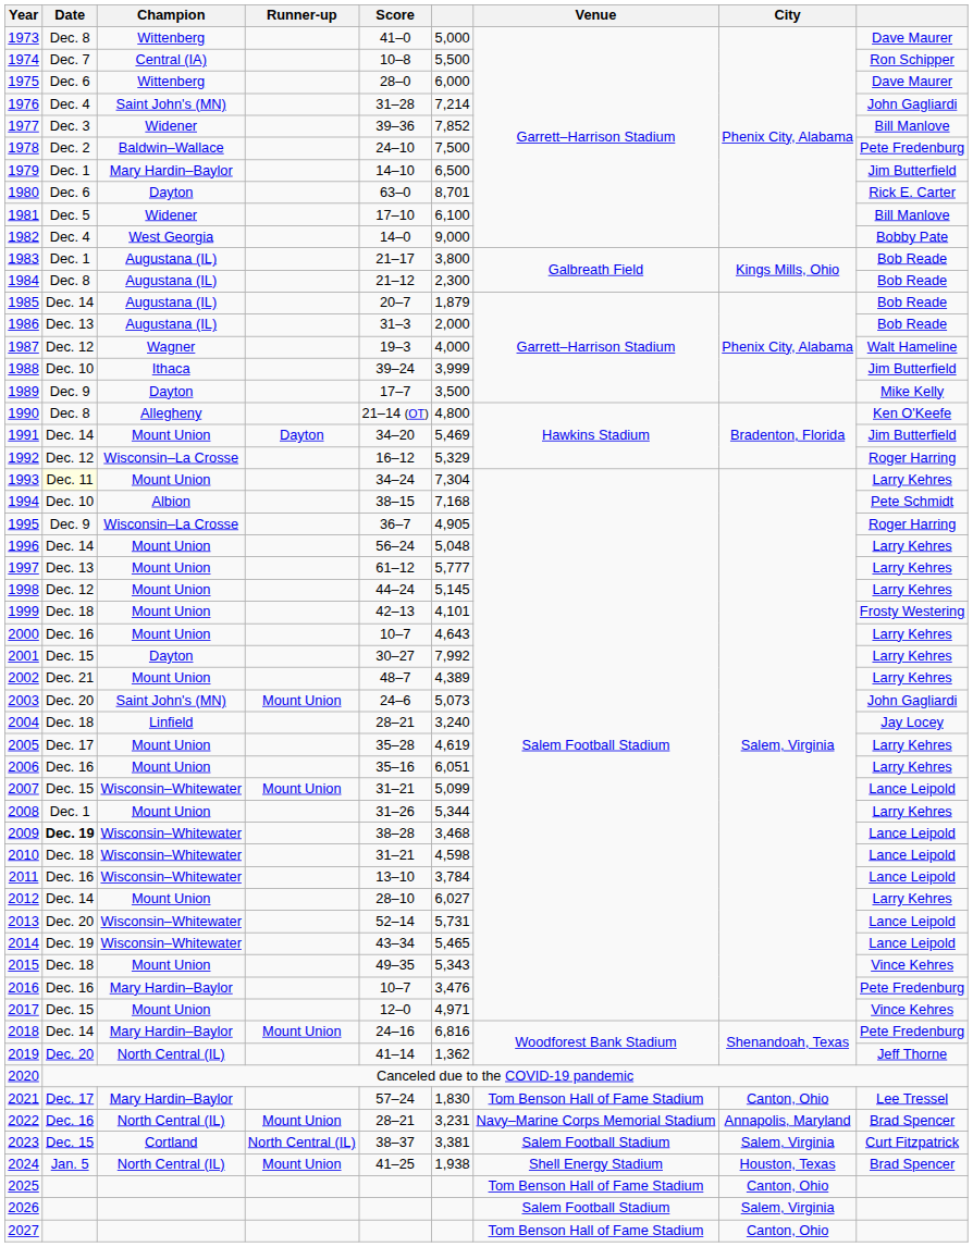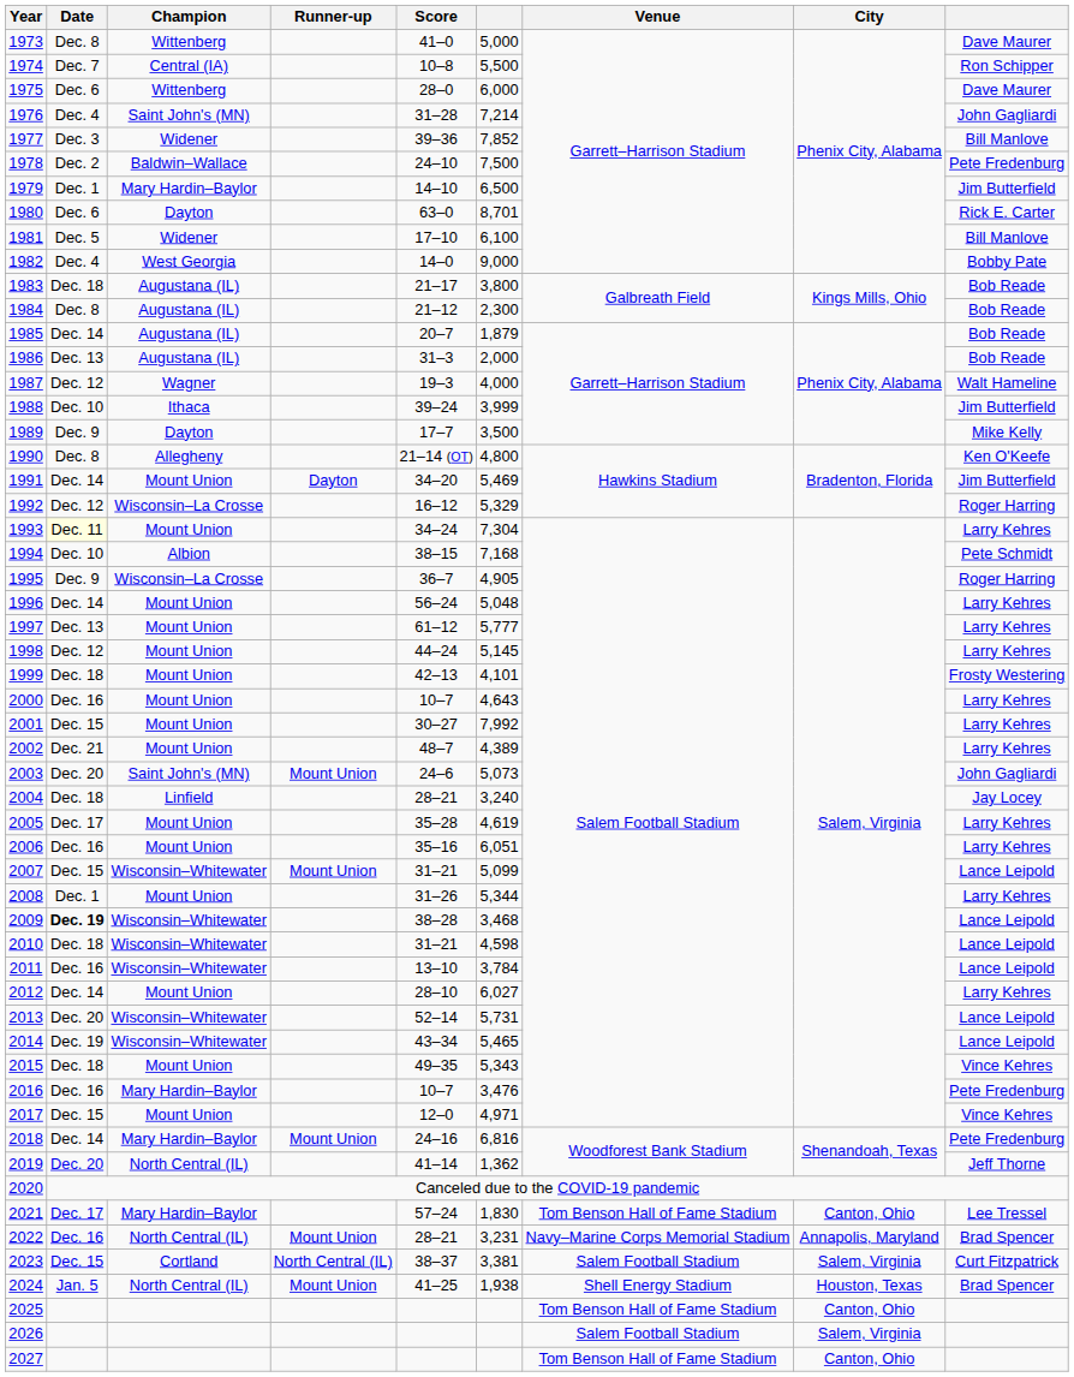 <table class="wikitable sortable" style="text-align:center">
 <tr>
 <th width=px>Year</th>
 <th width=px>Date</th>
 <th width=px>Champion</th>
 <th width=px>Runner-up</th>
 <th width=px>Score</th>
 <th width=px></th>
 <th width=px>Venue</th>
 <th width=px>City</th>
 <th width=px></th>
 </tr>
 <tr>
 <td><a href='#'>1973</a></td>
 <td>Dec. 8</td>
 <td><a href='#'>Wittenberg</a></td>
 <td></td>
 <td>41–0</td>
 <td>5,000</td>
 <td rowspan="10"><a href='#'>Garrett–Harrison Stadium</a></td>
 <td rowspan="10"><a href='#'>Phenix City, Alabama</a></td>
 <td><a href='#'>Dave Maurer</a></td>
 </tr>
 <tr>
 <td><a href='#'>1974</a></td>
 <td>Dec. 7</td>
 <td><a href='#'>Central (IA)</a></td>
 <td></td>
 <td>10–8</td>
 <td>5,500</td>
 <td><a href='#'>Ron Schipper</a></td>
 </tr>
 <tr>
 <td><a href='#'>1975</a></td>
 <td>Dec. 6</td>
 <td><a href='#'>Wittenberg</a></td>
 <td></td>
 <td>28–0</td>
 <td>6,000</td>
 <td><a href='#'>Dave Maurer</a></td>
 </tr>
 <tr>
 <td><a href='#'>1976</a></td>
 <td>Dec. 4</td>
 <td><a href='#'>Saint John's (MN)</a></td>
 <td></td>
 <td>31–28</td>
 <td>7,214</td>
 <td><a href='#'>John Gagliardi</a></td>
 </tr>
 <tr>
 <td><a href='#'>1977</a></td>
 <td>Dec. 3</td>
 <td><a href='#'>Widener</a></td>
 <td></td>
 <td>39–36</td>
 <td>7,852</td>
 <td><a href='#'>Bill Manlove</a></td>
 </tr>
 <tr>
 <td><a href='#'>1978</a></td>
 <td>Dec. 2</td>
 <td><a href='#'>Baldwin–Wallace</a></td>
 <td></td>
 <td>24–10</td>
 <td>7,500</td>
 <td><a href='#'>Pete Fredenburg</a></td>
 </tr>
 <tr>
 <td><a href='#'>1979</a></td>
 <td>Dec. 1</td>
 <td><a href='#'>Mary Hardin–Baylor</a></td>
 <td></td>
 <td>14–10</td>
 <td>6,500</td>
 <td><a href='#'>Jim Butterfield</a></td>
 </tr>
 <tr>
 <td><a href='#'>1980</a></td>
 <td>Dec. 6</td>
 <td><a href='#'>Dayton</a></td>
 <td></td>
 <td>63–0</td>
 <td>8,701</td>
 <td><a href='#'>Rick E. Carter</a></td>
 </tr>
 <tr>
 <td><a href='#'>1981</a></td>
 <td>Dec. 5</td>
 <td><a href='#'>Widener</a></td>
 <td></td>
 <td>17–10</td>
 <td>6,100</td>
 <td><a href='#'>Bill Manlove</a></td>
 </tr>
 <tr>
 <td><a href='#'>1982</a></td>
 <td>Dec. 4</td>
 <td><a href='#'>West Georgia</a></td>
 <td></td>
 <td>14–0</td>
 <td>9,000</td>
 <td><a href='#'>Bobby Pate</a></td>
 </tr>
 <tr>
 <td><a href='#'>1983</a></td>
-<td>Dec. 1</td>
+<td>Dec. 18</td>
 <td><a href='#'>Augustana (IL)</a></td>
 <td></td>
 <td>21–17</td>
 <td>3,800</td>
 <td rowspan="2"><a href='#'>Galbreath Field</a></td>
 <td rowspan="2"><a href='#'>Kings Mills, Ohio</a></td>
 <td><a href='#'>Bob Reade</a></td>
 </tr>
 <tr>
 <td><a href='#'>1984</a></td>
 <td>Dec. 8</td>
 <td><a href='#'>Augustana (IL)</a></td>
 <td></td>
 <td>21–12</td>
 <td>2,300</td>
 <td><a href='#'>Bob Reade</a></td>
 </tr>
 <tr>
 <td><a href='#'>1985</a></td>
 <td>Dec. 14</td>
 <td><a href='#'>Augustana (IL)</a></td>
 <td></td>
 <td>20–7</td>
 <td>1,879</td>
 <td rowspan="5"><a href='#'>Garrett–Harrison Stadium</a></td>
 <td rowspan="5"><a href='#'>Phenix City, Alabama</a></td>
 <td><a href='#'>Bob Reade</a></td>
 </tr>
 <tr>
 <td><a href='#'>1986</a></td>
 <td>Dec. 13</td>
 <td><a href='#'>Augustana (IL)</a></td>
 <td></td>
 <td>31–3</td>
 <td>2,000</td>
 <td><a href='#'>Bob Reade</a></td>
 </tr>
 <tr>
 <td><a href='#'>1987</a></td>
 <td>Dec. 12</td>
 <td><a href='#'>Wagner</a></td>
 <td></td>
 <td>19–3</td>
 <td>4,000</td>
 <td><a href='#'>Walt Hameline</a></td>
 </tr>
 <tr>
 <td><a href='#'>1988</a></td>
 <td>Dec. 10</td>
 <td><a href='#'>Ithaca</a></td>
 <td></td>
 <td>39–24</td>
 <td>3,999</td>
 <td><a href='#'>Jim Butterfield</a></td>
 </tr>
 <tr>
 <td><a href='#'>1989</a></td>
 <td>Dec. 9</td>
 <td><a href='#'>Dayton</a></td>
 <td></td>
 <td>17–7</td>
 <td>3,500</td>
 <td><a href='#'>Mike Kelly</a></td>
 </tr>
 <tr>
 <td><a href='#'>1990</a></td>
 <td>Dec. 8</td>
 <td><a href='#'>Allegheny</a></td>
 <td></td>
 <td>21–14 <small>(<a href='#'>OT</a>)</small></td>
 <td>4,800</td>
 <td rowspan="3"><a href='#'>Hawkins Stadium</a></td>
 <td rowspan="3"><a href='#'>Bradenton, Florida</a></td>
 <td><a href='#'>Ken O'Keefe</a></td>
 </tr>
 <tr>
 <td><a href='#'>1991</a></td>
 <td>Dec. 14</td>
 <td><a href='#'>Mount Union</a></td>
 <td><a href='#'>Dayton</a></td>
 <td>34–20</td>
 <td>5,469</td>
 <td><a href='#'>Jim Butterfield</a></td>
 </tr>
 <tr>
 <td><a href='#'>1992</a></td>
 <td>Dec. 12</td>
 <td><a href='#'>Wisconsin–La Crosse</a></td>
 <td></td>
 <td>16–12</td>
 <td>5,329</td>
 <td><a href='#'>Roger Harring</a></td>
 </tr>
 <tr>
 <td><a href='#'>1993</a></td>
 <td style="background: lightyellow;">Dec. 11</td>
 <td><a href='#'>Mount Union</a></td>
 <td></td>
 <td>34–24</td>
 <td>7,304</td>
 <td rowspan="25"><a href='#'>Salem Football Stadium</a></td>
 <td rowspan="25"><a href='#'>Salem, Virginia</a></td>
 <td><a href='#'>Larry Kehres</a></td>
 </tr>
 <tr>
 <td><a href='#'>1994</a></td>
 <td>Dec. 10</td>
 <td><a href='#'>Albion</a></td>
 <td></td>
 <td>38–15</td>
 <td>7,168</td>
 <td><a href='#'>Pete Schmidt</a></td>
 </tr>
 <tr>
 <td><a href='#'>1995</a></td>
 <td>Dec. 9</td>
 <td><a href='#'>Wisconsin–La Crosse</a></td>
 <td></td>
 <td>36–7</td>
 <td>4,905</td>
 <td><a href='#'>Roger Harring</a></td>
 </tr>
 <tr>
 <td><a href='#'>1996</a></td>
 <td>Dec. 14</td>
 <td><a href='#'>Mount Union</a></td>
 <td></td>
 <td>56–24</td>
 <td>5,048</td>
 <td><a href='#'>Larry Kehres</a></td>
 </tr>
 <tr>
 <td><a href='#'>1997</a></td>
 <td>Dec. 13</td>
 <td><a href='#'>Mount Union</a></td>
 <td></td>
 <td>61–12</td>
 <td>5,777</td>
 <td><a href='#'>Larry Kehres</a></td>
 </tr>
 <tr>
 <td><a href='#'>1998</a></td>
 <td>Dec. 12</td>
 <td><a href='#'>Mount Union</a></td>
 <td></td>
 <td>44–24</td>
 <td>5,145</td>
 <td><a href='#'>Larry Kehres</a></td>
 </tr>
 <tr>
 <td><a href='#'>1999</a></td>
 <td>Dec. 18</td>
 <td><a href='#'>Mount Union</a></td>
 <td></td>
 <td>42–13</td>
 <td>4,101</td>
 <td><a href='#'>Frosty Westering</a></td>
 </tr>
 <tr>
 <td><a href='#'>2000</a></td>
 <td>Dec. 16</td>
 <td><a href='#'>Mount Union</a></td>
 <td></td>
 <td>10–7</td>
 <td>4,643</td>
 <td><a href='#'>Larry Kehres</a></td>
 </tr>
 <tr>
 <td><a href='#'>2001</a></td>
 <td>Dec. 15</td>
-<td><a href='#'>Dayton</a></td>
+<td><a href='#'>Mount Union</a></td>
 <td></td>
 <td>30–27</td>
 <td>7,992</td>
 <td><a href='#'>Larry Kehres</a></td>
 </tr>
 <tr>
 <td><a href='#'>2002</a></td>
 <td>Dec. 21</td>
 <td><a href='#'>Mount Union</a></td>
 <td></td>
 <td>48–7</td>
 <td>4,389</td>
 <td><a href='#'>Larry Kehres</a></td>
 </tr>
 <tr>
 <td><a href='#'>2003</a></td>
 <td>Dec. 20</td>
 <td><a href='#'>Saint John's (MN)</a></td>
 <td><a href='#'>Mount Union</a></td>
 <td>24–6</td>
 <td>5,073</td>
 <td><a href='#'>John Gagliardi</a></td>
 </tr>
 <tr>
 <td><a href='#'>2004</a></td>
 <td>Dec. 18</td>
 <td><a href='#'>Linfield</a></td>
 <td></td>
 <td>28–21</td>
 <td>3,240</td>
 <td><a href='#'>Jay Locey</a></td>
 </tr>
 <tr>
 <td><a href='#'>2005</a></td>
 <td>Dec. 17</td>
 <td><a href='#'>Mount Union</a></td>
 <td></td>
 <td>35–28</td>
 <td>4,619</td>
 <td><a href='#'>Larry Kehres</a></td>
 </tr>
 <tr>
 <td><a href='#'>2006</a></td>
 <td>Dec. 16</td>
 <td><a href='#'>Mount Union</a></td>
 <td></td>
 <td>35–16</td>
 <td>6,051</td>
 <td><a href='#'>Larry Kehres</a></td>
 </tr>
 <tr>
 <td><a href='#'>2007</a></td>
 <td>Dec. 15</td>
 <td><a href='#'>Wisconsin–Whitewater</a></td>
 <td><a href='#'>Mount Union</a></td>
 <td>31–21</td>
 <td>5,099</td>
 <td><a href='#'>Lance Leipold</a></td>
 </tr>
 <tr>
 <td><a href='#'>2008</a></td>
 <td>Dec. 1</td>
 <td><a href='#'>Mount Union</a></td>
 <td></td>
 <td>31–26</td>
 <td>5,344</td>
 <td><a href='#'>Larry Kehres</a></td>
 </tr>
 <tr>
 <td><a href='#'>2009</a></td>
 <td><strong>Dec. 19</strong></td>
 <td><a href='#'>Wisconsin–Whitewater</a></td>
 <td></td>
 <td>38–28</td>
 <td>3,468</td>
 <td><a href='#'>Lance Leipold</a></td>
 </tr>
 <tr>
 <td><a href='#'>2010</a></td>
 <td>Dec. 18</td>
 <td><a href='#'>Wisconsin–Whitewater</a></td>
 <td></td>
 <td>31–21</td>
 <td>4,598</td>
 <td><a href='#'>Lance Leipold</a></td>
 </tr>
 <tr>
 <td><a href='#'>2011</a></td>
 <td>Dec. 16</td>
 <td><a href='#'>Wisconsin–Whitewater</a></td>
 <td></td>
 <td>13–10</td>
 <td>3,784</td>
 <td><a href='#'>Lance Leipold</a></td>
 </tr>
 <tr>
 <td><a href='#'>2012</a></td>
 <td>Dec. 14</td>
 <td><a href='#'>Mount Union</a></td>
 <td></td>
 <td>28–10</td>
 <td>6,027</td>
 <td><a href='#'>Larry Kehres</a></td>
 </tr>
 <tr>
 <td><a href='#'>2013</a></td>
 <td>Dec. 20</td>
 <td><a href='#'>Wisconsin–Whitewater</a></td>
 <td></td>
 <td>52–14</td>
 <td>5,731</td>
 <td><a href='#'>Lance Leipold</a></td>
 </tr>
 <tr>
 <td><a href='#'>2014</a></td>
 <td>Dec. 19</td>
 <td><a href='#'>Wisconsin–Whitewater</a></td>
 <td></td>
 <td>43–34</td>
 <td>5,465</td>
 <td><a href='#'>Lance Leipold</a></td>
 </tr>
 <tr>
 <td><a href='#'>2015</a></td>
 <td>Dec. 18</td>
 <td><a href='#'>Mount Union</a></td>
 <td></td>
 <td>49–35</td>
 <td>5,343</td>
 <td><a href='#'>Vince Kehres</a></td>
 </tr>
 <tr>
 <td><a href='#'>2016</a></td>
 <td>Dec. 16</td>
 <td><a href='#'>Mary Hardin–Baylor</a></td>
 <td></td>
 <td>10–7</td>
 <td>3,476</td>
 <td><a href='#'>Pete Fredenburg</a></td>
 </tr>
 <tr>
 <td><a href='#'>2017</a></td>
 <td>Dec. 15</td>
 <td><a href='#'>Mount Union</a></td>
 <td></td>
 <td>12–0</td>
 <td>4,971</td>
 <td><a href='#'>Vince Kehres</a></td>
 </tr>
 <tr>
 <td><a href='#'>2018</a></td>
 <td>Dec. 14</td>
 <td><a href='#'>Mary Hardin–Baylor</a></td>
 <td><a href='#'>Mount Union</a></td>
 <td>24–16</td>
 <td>6,816</td>
 <td rowspan="2"><a href='#'>Woodforest Bank Stadium</a></td>
 <td rowspan="2"><a href='#'>Shenandoah, Texas</a></td>
 <td><a href='#'>Pete Fredenburg</a></td>
 </tr>
 <tr>
 <td><a href='#'>2019</a></td>
 <td><a href='#'>Dec. 20</a></td>
 <td><a href='#'>North Central (IL)</a></td>
 <td></td>
 <td>41–14</td>
 <td>1,362</td>
 <td><a href='#'>Jeff Thorne</a></td>
 </tr>
 <tr>
 <td><a href='#'>2020</a></td>
 <td colspan="8">Canceled due to the <a href='#'>COVID-19 pandemic</a></td>
 </tr>
 <tr>
 <td><a href='#'>2021</a></td>
 <td><a href='#'>Dec. 17</a></td>
 <td><a href='#'>Mary Hardin–Baylor</a></td>
 <td></td>
 <td>57–24</td>
 <td>1,830</td>
 <td><a href='#'>Tom Benson Hall of Fame Stadium</a></td>
 <td><a href='#'>Canton, Ohio</a></td>
 <td><a href='#'>Lee Tressel</a></td>
 </tr>
 <tr>
 <td><a href='#'>2022</a></td>
 <td><a href='#'>Dec. 16</a></td>
 <td><a href='#'>North Central (IL)</a></td>
 <td><a href='#'>Mount Union</a></td>
 <td>28–21</td>
 <td>3,231</td>
 <td><a href='#'>Navy–Marine Corps Memorial Stadium</a></td>
 <td><a href='#'>Annapolis, Maryland</a></td>
 <td><a href='#'>Brad Spencer</a></td>
 </tr>
 <tr>
 <td><a href='#'>2023</a></td>
 <td><a href='#'>Dec. 15</a></td>
 <td><a href='#'>Cortland</a></td>
 <td><a href='#'>North Central (IL)</a></td>
 <td>38–37</td>
 <td>3,381</td>
 <td><a href='#'>Salem Football Stadium</a></td>
 <td><a href='#'>Salem, Virginia</a></td>
 <td><a href='#'>Curt Fitzpatrick</a></td>
 </tr>
 <tr>
 <td><a href='#'>2024</a></td>
 <td><a href='#'>Jan. 5</a></td>
 <td><a href='#'>North Central (IL)</a></td>
 <td><a href='#'>Mount Union</a></td>
 <td>41–25</td>
 <td>1,938</td>
 <td><a href='#'>Shell Energy Stadium</a></td>
 <td><a href='#'>Houston, Texas</a></td>
 <td><a href='#'>Brad Spencer</a></td>
 </tr>
 <tr>
 <td><a href='#'>2025</a></td>
 <td></td>
 <td></td>
 <td></td>
 <td></td>
 <td></td>
 <td><a href='#'>Tom Benson Hall of Fame Stadium</a></td>
 <td><a href='#'>Canton, Ohio</a></td>
 <td></td>
 </tr>
 <tr>
 <td><a href='#'>2026</a></td>
 <td></td>
 <td></td>
 <td></td>
 <td></td>
 <td></td>
 <td><a href='#'>Salem Football Stadium</a></td>
 <td><a href='#'>Salem, Virginia</a></td>
 <td></td>
 </tr>
 <tr>
 <td><a href='#'>2027</a></td>
 <td></td>
 <td></td>
 <td></td>
 <td></td>
 <td></td>
 <td><a href='#'>Tom Benson Hall of Fame Stadium</a></td>
 <td><a href='#'>Canton, Ohio</a></td>
 <td></td>
 </tr>
 </table>
